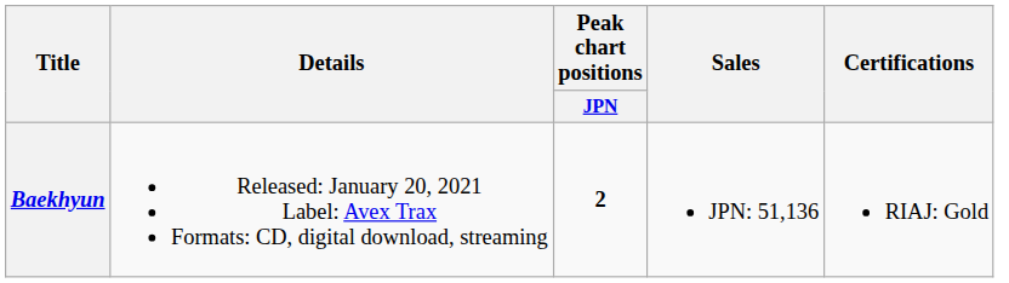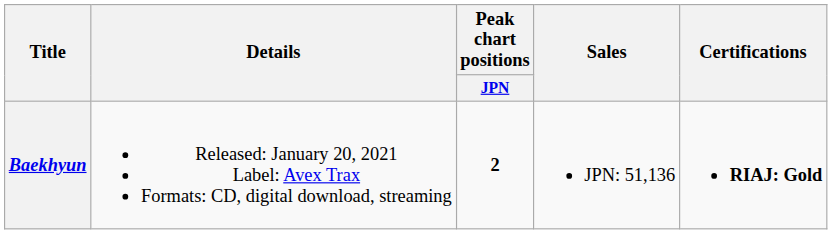 <table class="wikitable plainrowheaders" style="text-align:center;">
 <tr>
 <th scope="col" rowspan="2">Title</th>
 <th scope="col" rowspan="2">Details</th>
 <th scope="col">Peak chart positions</th>
 <th scope="col" rowspan="2">Sales</th>
 <th scope="col" rowspan="2">Certifications</th>
 </tr>
 <tr>
 <th style="width:2.5em; font-size:85%"><a href='#'>JPN</a><br></th>
 </tr>
 <tr>
 <th scope="row"><em><a href='#'>Baekhyun</a></em></th>
 <td><br><ul><li>Released: January 20, 2021</li><li>Label: <a href='#'>Avex Trax</a></li><li>Formats: CD, digital download, streaming</li></ul></td>
 <td><strong>2</strong></td>
 <td><br><ul><li>JPN: 51,136</li></ul></td>
-<td><br><ul><li>RIAJ: Gold</li></ul></td>
+<td><strong><br><ul><li>RIAJ: Gold</li></ul></strong></td>
 </tr>
 </table>
